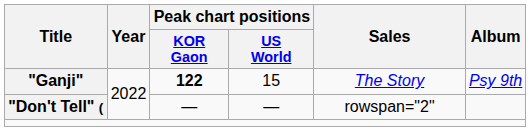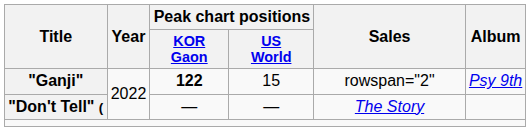 <table class="wikitable plainrowheaders" style="text-align:center">
 <tr>
 <th scope="col" rowspan="2">Title</th>
 <th scope="col" rowspan="2">Year</th>
 <th scope="col" colspan="2">Peak chart positions</th>
 <th scope="col" rowspan="2" style="width:9em;">Sales</th>
 <th scope="col" rowspan="2">Album</th>
 </tr>
 <tr>
 <th scope="col" style="font-size:90%"><a href='#'>KOR<br>Gaon</a><br></th>
 <th scope="col" style="font-size:90%"><a href='#'>US<br>World</a><br></th>
 </tr>
 <tr>
 <th scope="row">"Ganji" </th>
 <td rowspan="2">2022</td>
 <td><strong>122</strong></td>
 <td>15</td>
-<td><em><a href='#'>The Story</a></em></td>
+<td>rowspan="2" </td>
 <td><em><a href='#'>Psy 9th</a></em></td>
 </tr>
 <tr>
 <th scope="row">"Don't Tell" <small>(</small></th>
 <td>—</td>
 <td>—</td>
-<td>rowspan="2" </td>
+<td><em><a href='#'>The Story</a></em></td>
 </tr>
 <tr>
 <td colspan="6"></td>
 </tr>
 </table>
